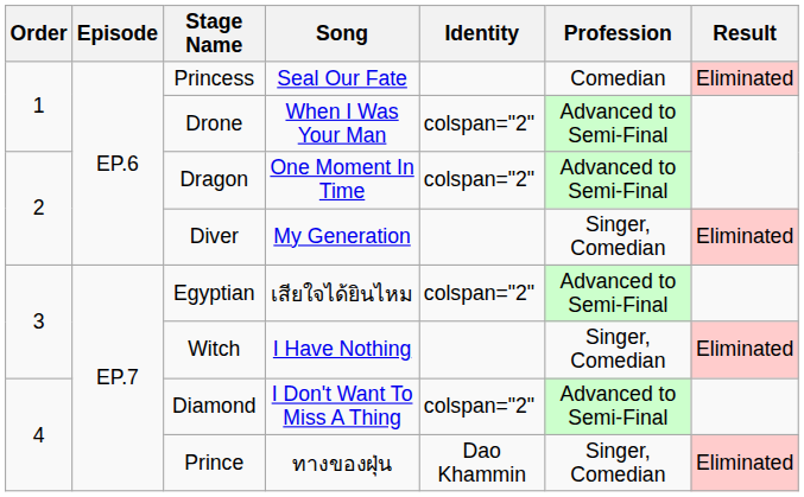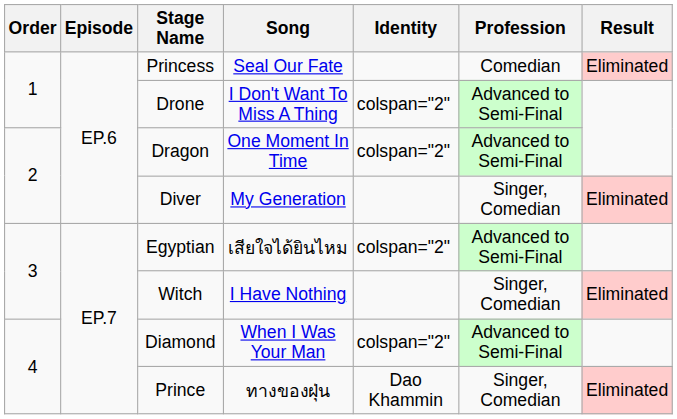 <table class="wikitable">
 <tr>
 <th>Order</th>
 <th>Episode</th>
 <th>Stage Name</th>
 <th>Song</th>
 <th>Identity</th>
 <th>Profession</th>
 <th>Result</th>
 </tr>
 <tr>
 <td rowspan="2" align="center">1</td>
 <td rowspan="4" align="center">EP.6</td>
 <td align="center">Princess</td>
 <td align="center"><a href='#'>Seal Our Fate</a></td>
 <td align="center"></td>
 <td align="center">Comedian</td>
 <td align="center" style="background:#ffcccc">Eliminated</td>
 </tr>
 <tr>
 <td align="center">Drone</td>
-<td align="center"><a href='#'>When I Was Your Man</a></td>
+<td align="center"><a href='#'>I Don't Want To Miss A Thing</a></td>
 <td>colspan="2" </td>
 <td align="center" style="background:#ccffcc">Advanced to Semi-Final</td>
 </tr>
 <tr>
 <td rowspan="2" align="center">2</td>
 <td align="center">Dragon</td>
 <td align="center"><a href='#'>One Moment In Time</a></td>
 <td>colspan="2" </td>
 <td align="center" style="background:#ccffcc">Advanced to Semi-Final</td>
 </tr>
 <tr>
 <td align="center">Diver</td>
 <td align="center"><a href='#'>My Generation</a></td>
 <td align="center"></td>
 <td align="center">Singer, Comedian</td>
 <td align="center" style="background:#ffcccc">Eliminated</td>
 </tr>
 <tr>
 <td rowspan="2" align="center">3</td>
 <td rowspan="4" align="center">EP.7</td>
 <td align="center">Egyptian</td>
 <td align="center">เสียใจได้ยินไหม</td>
 <td>colspan="2" </td>
 <td align="center" style="background:#ccffcc">Advanced to Semi-Final</td>
 </tr>
 <tr>
 <td align="center">Witch</td>
 <td align="center"><a href='#'>I Have Nothing</a></td>
 <td align="center"></td>
 <td align="center">Singer, Comedian</td>
 <td align="center" style="background:#ffcccc">Eliminated</td>
 </tr>
 <tr>
 <td rowspan="2" align="center">4</td>
 <td align="center">Diamond</td>
-<td align="center"><a href='#'>I Don't Want To Miss A Thing</a></td>
+<td align="center"><a href='#'>When I Was Your Man</a></td>
 <td>colspan="2" </td>
 <td align="center" style="background:#ccffcc">Advanced to Semi-Final</td>
 </tr>
 <tr>
 <td align="center">Prince</td>
 <td align="center">ทางของฝุ่น</td>
 <td align="center">Dao Khammin</td>
 <td align="center">Singer, Comedian</td>
 <td align="center" style="background:#ffcccc">Eliminated</td>
 </tr>
 </table>
